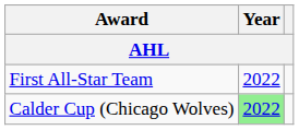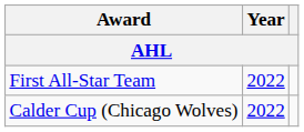 <table class="wikitable">
 <tr>
 <th>Award</th>
 <th>Year</th>
 <th></th>
 </tr>
 <tr ALIGN="center" bgcolor="#e0e0e0">
 <th colspan="3"><a href='#'>AHL</a></th>
 </tr>
 <tr>
 <td><a href='#'>First All-Star Team</a></td>
 <td><a href='#'>2022</a></td>
 <td></td>
 </tr>
 <tr>
 <td><a href='#'>Calder Cup</a> (Chicago Wolves)</td>
-<td style="background: lightgreen;"><a href='#'>2022</a></td>
+<td><a href='#'>2022</a></td>
 <td></td>
 </tr>
 </table>
